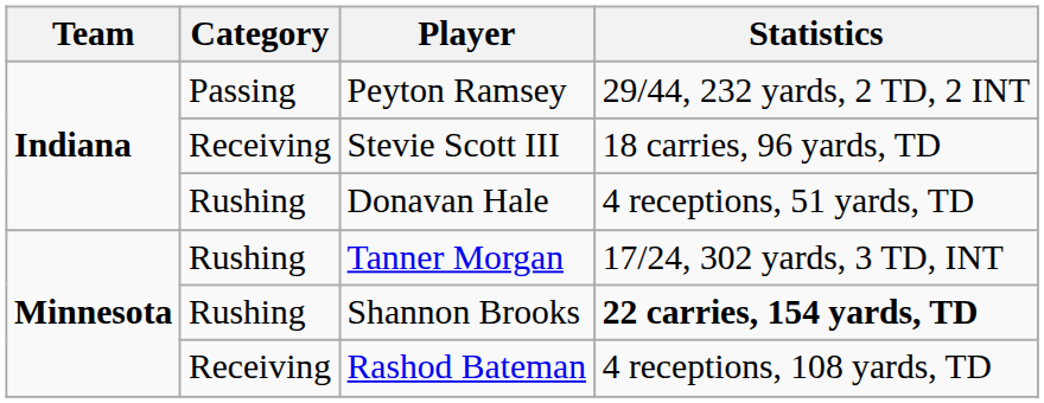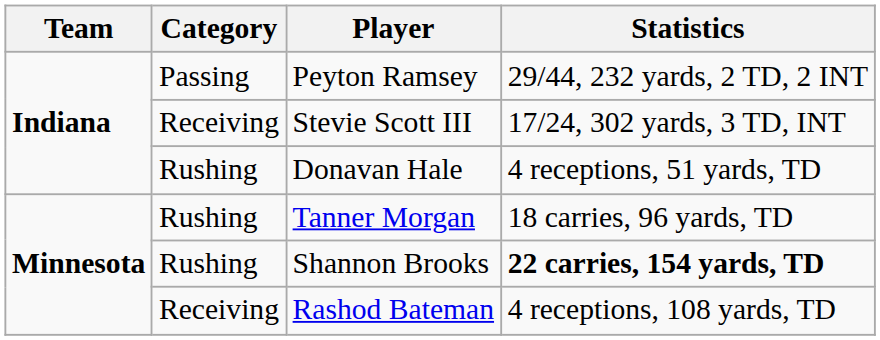 <table class="wikitable" style="float: right;">
 <tr>
 <th>Team</th>
 <th>Category</th>
 <th>Player</th>
 <th>Statistics</th>
 </tr>
 <tr>
 <td rowspan=3><strong>Indiana</strong></td>
 <td>Passing</td>
 <td>Peyton Ramsey</td>
 <td>29/44, 232 yards, 2 TD, 2 INT</td>
 </tr>
 <tr>
 <td>Receiving</td>
 <td>Stevie Scott III</td>
-<td>18 carries, 96 yards, TD</td>
+<td>17/24, 302 yards, 3 TD, INT</td>
 </tr>
 <tr>
 <td>Rushing</td>
 <td>Donavan Hale</td>
 <td>4 receptions, 51 yards, TD</td>
 </tr>
 <tr>
 <td rowspan=3><strong>Minnesota</strong></td>
 <td>Rushing</td>
 <td><a href='#'>Tanner Morgan</a></td>
-<td>17/24, 302 yards, 3 TD, INT</td>
+<td>18 carries, 96 yards, TD</td>
 </tr>
 <tr>
 <td>Rushing</td>
 <td>Shannon Brooks</td>
 <td><strong>22 carries, 154 yards, TD</strong></td>
 </tr>
 <tr>
 <td>Receiving</td>
 <td><a href='#'>Rashod Bateman</a></td>
 <td>4 receptions, 108 yards, TD</td>
 </tr>
 </table>
